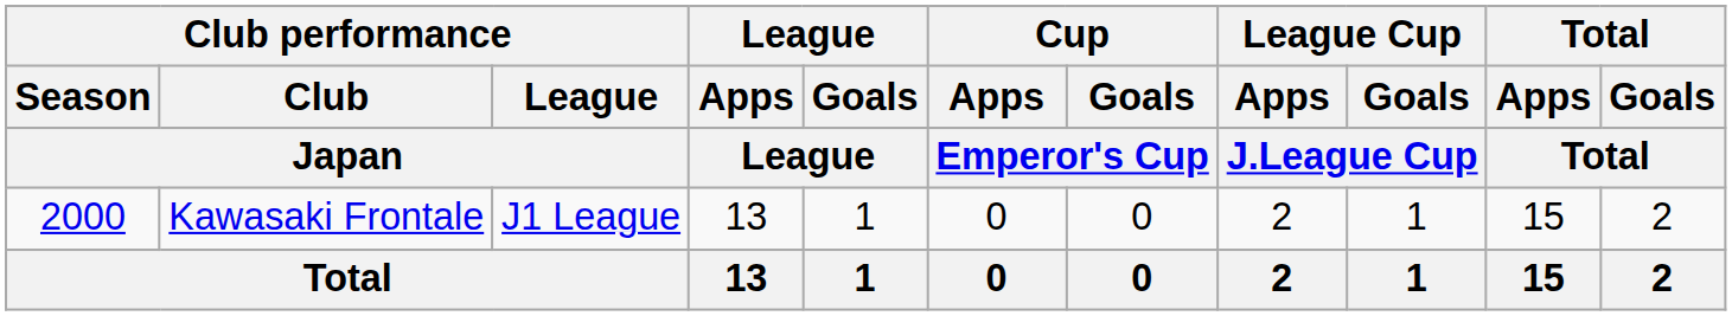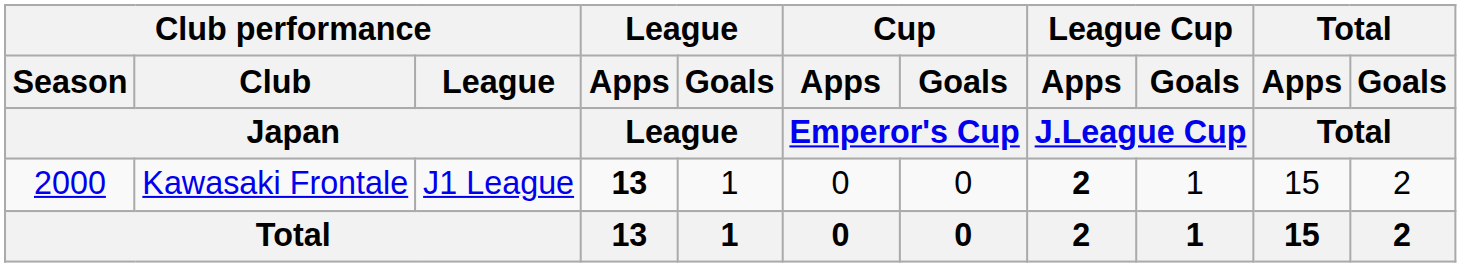 <table class="wikitable" style="text-align:center;">
 <tr>
 <th colspan=3>Club performance</th>
 <th colspan=2>League</th>
 <th colspan=2>Cup</th>
 <th colspan=2>League Cup</th>
 <th colspan=2>Total</th>
 </tr>
 <tr>
 <th>Season</th>
 <th>Club</th>
 <th>League</th>
 <th>Apps</th>
 <th>Goals</th>
 <th>Apps</th>
 <th>Goals</th>
 <th>Apps</th>
 <th>Goals</th>
 <th>Apps</th>
 <th>Goals</th>
 </tr>
 <tr>
 <th colspan=3>Japan</th>
 <th colspan=2>League</th>
 <th colspan=2><a href='#'>Emperor's Cup</a></th>
 <th colspan=2><a href='#'>J.League Cup</a></th>
 <th colspan=2>Total</th>
 </tr>
 <tr>
 <td><a href='#'>2000</a></td>
 <td><a href='#'>Kawasaki Frontale</a></td>
 <td><a href='#'>J1 League</a></td>
-<td>13</td>
+<td><strong>13</strong></td>
 <td>1</td>
 <td>0</td>
 <td>0</td>
-<td>2</td>
+<td><strong>2</strong></td>
 <td>1</td>
 <td>15</td>
 <td>2</td>
 </tr>
 <tr>
 <th colspan=3>Total</th>
 <th>13</th>
 <th>1</th>
 <th>0</th>
 <th>0</th>
 <th>2</th>
 <th>1</th>
 <th>15</th>
 <th>2</th>
 </tr>
 </table>
